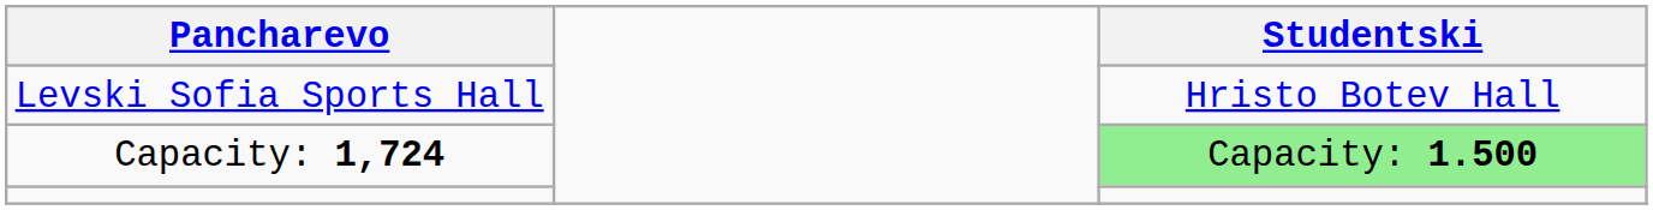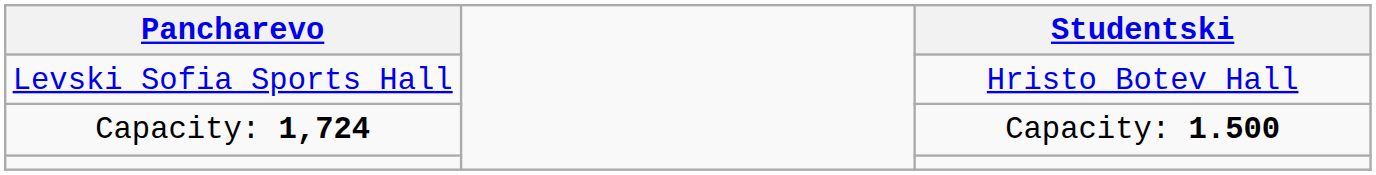 <table class="wikitable" style="text-align:center">
 <tr>
 <th width=33.3%><a href='#'>Pancharevo</a></th>
 <td width=33.3% rowspan=4></td>
 <th width=33.3%><a href='#'>Studentski</a></th>
 </tr>
 <tr>
 <td><a href='#'>Levski Sofia Sports Hall</a></td>
 <td><a href='#'>Hristo Botev Hall</a></td>
 </tr>
 <tr>
 <td>Capacity: <strong>1,724</strong></td>
-<td style="background: lightgreen;">Capacity: <strong>1.500</strong></td>
+<td>Capacity: <strong>1.500</strong></td>
 </tr>
 <tr>
 <td></td>
 <td></td>
 </tr>
 </table>
